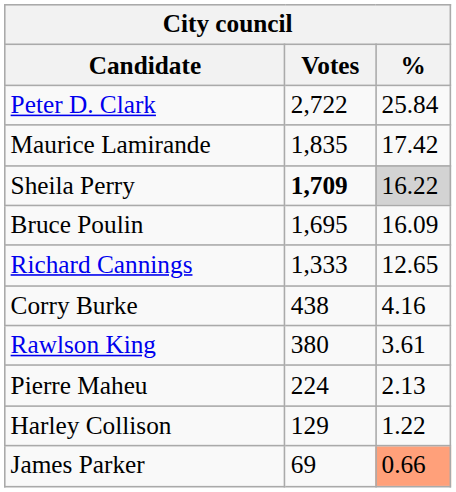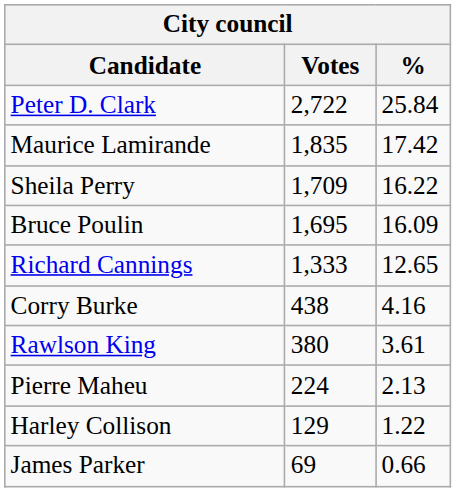 <table class="wikitable">
 <tr>
 <th colspan="3">City council</th>
 </tr>
 <tr>
 <th style="width: 170px">Candidate</th>
 <th style="width: 50px">Votes</th>
 <th style="width: 40px">%</th>
 </tr>
 <tr>
 <td><a href='#'>Peter D. Clark</a></td>
 <td>2,722</td>
 <td>25.84</td>
 </tr>
 <tr>
 <td>Maurice Lamirande</td>
 <td>1,835</td>
 <td>17.42</td>
 </tr>
 <tr>
 <td>Sheila Perry</td>
-<td><strong>1,709</strong></td>
-<td style="background: lightgrey;">16.22</td>
+<td>1,709</td>
+<td>16.22</td>
 </tr>
 <tr>
 <td>Bruce Poulin</td>
 <td>1,695</td>
 <td>16.09</td>
 </tr>
 <tr>
 <td><a href='#'>Richard Cannings</a></td>
 <td>1,333</td>
 <td>12.65</td>
 </tr>
 <tr>
 <td>Corry Burke</td>
 <td>438</td>
 <td>4.16</td>
 </tr>
 <tr>
 <td><a href='#'>Rawlson King</a></td>
 <td>380</td>
 <td>3.61</td>
 </tr>
 <tr>
 <td>Pierre Maheu</td>
 <td>224</td>
 <td>2.13</td>
 </tr>
 <tr>
 <td>Harley Collison</td>
 <td>129</td>
 <td>1.22</td>
 </tr>
 <tr>
 <td>James Parker</td>
 <td>69</td>
-<td style="background: lightsalmon;">0.66</td>
+<td>0.66</td>
 </tr>
 </table>
